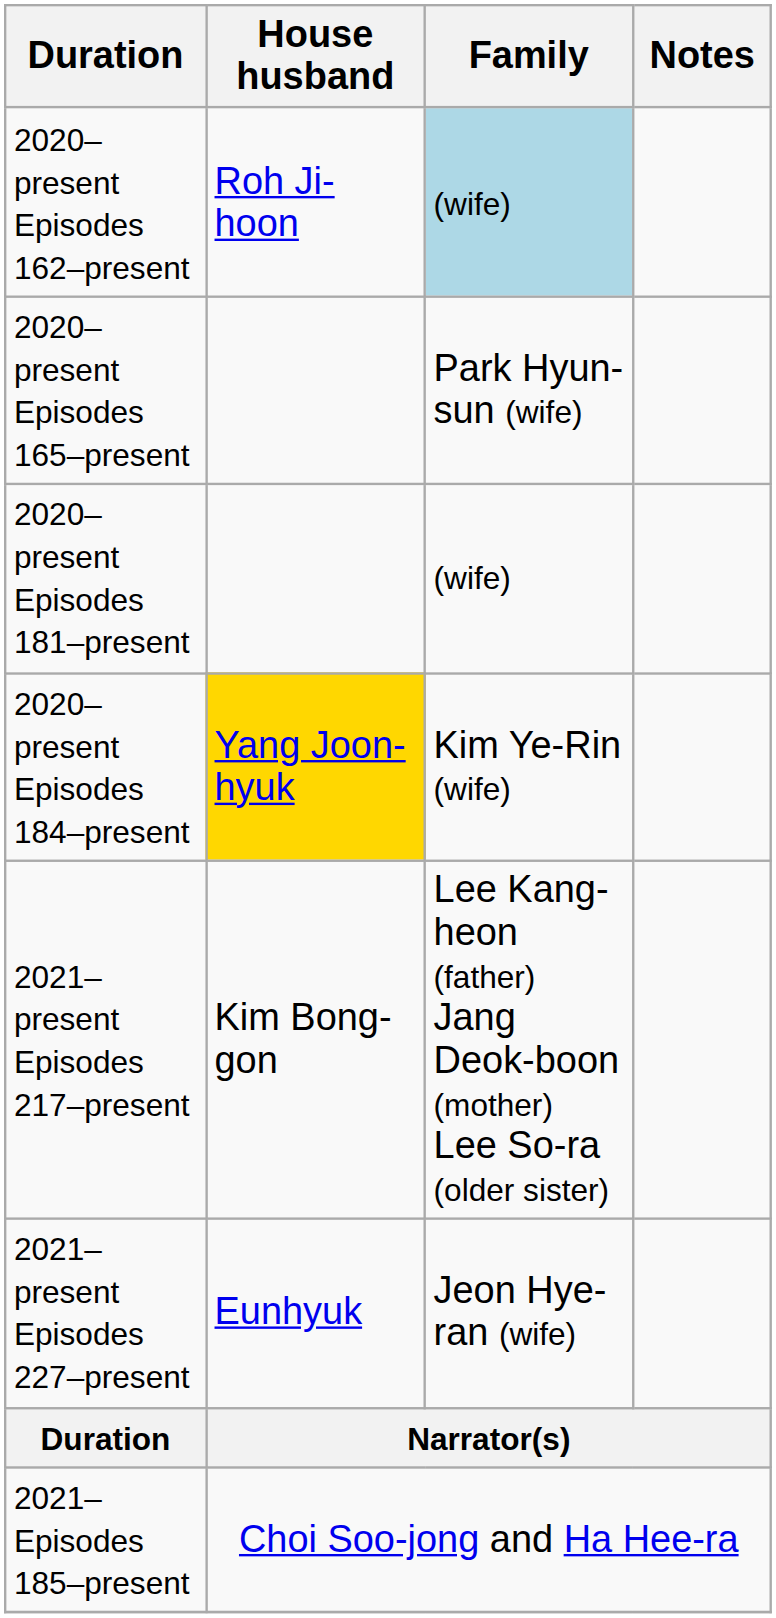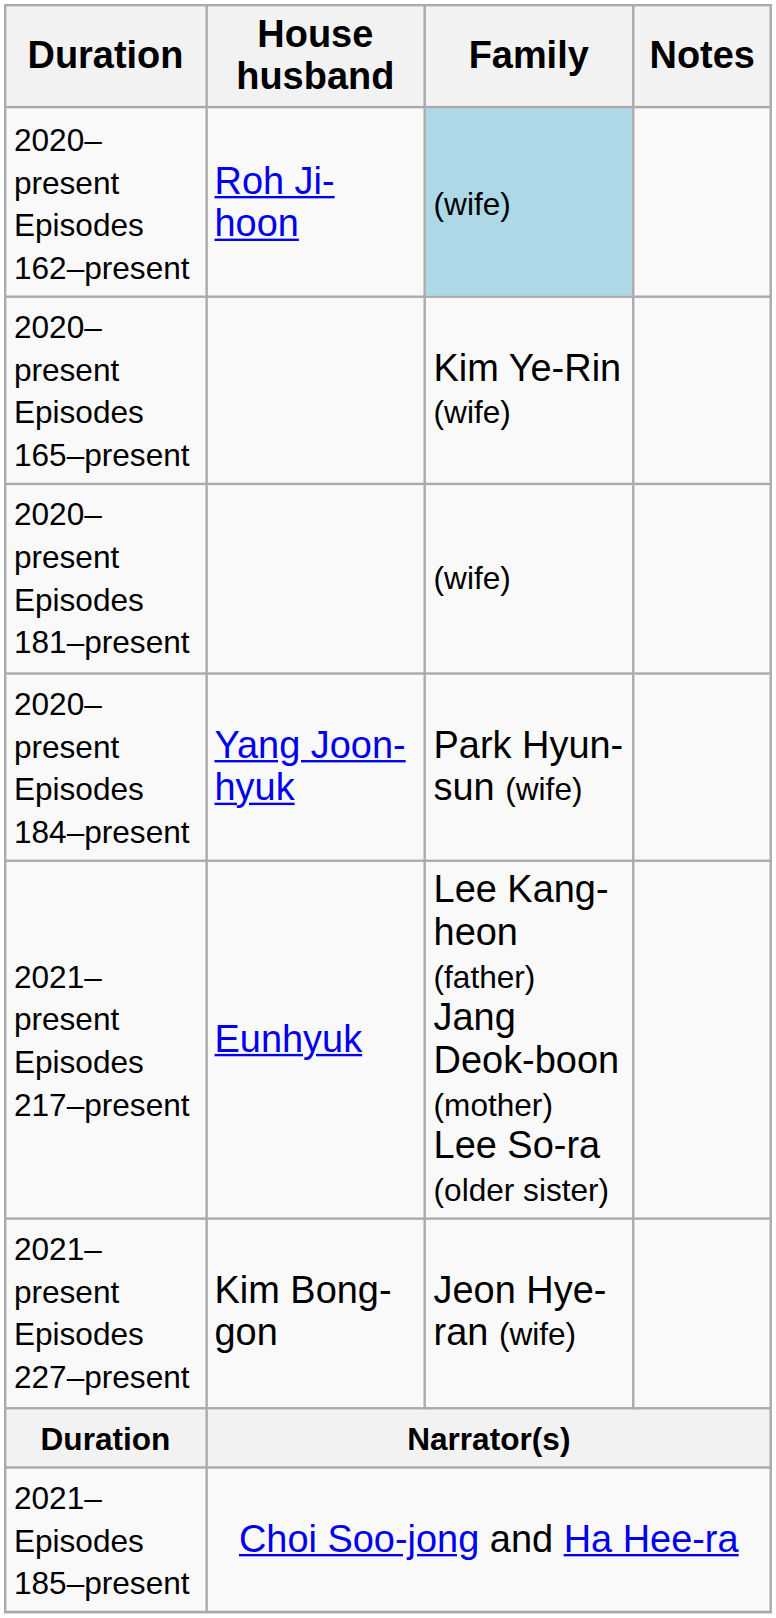 <table class="wikitable plainrowheaders" style="width:52%;">
 <tr>
 <th scope="col"  style="width:10%;">Duration</th>
 <th scope="col"  style="width:16%;">House husband</th>
 <th scope="col"  style="width:20%;">Family</th>
 <th scope="col"  style="width:6%">Notes</th>
 </tr>
 <tr>
 <td><small>2020–present<br>Episodes 162–present</small></td>
 <td><a href='#'>Roh Ji-hoon</a></td>
 <td style="background: lightblue;"> <small>(wife)</small></td>
 <td></td>
 </tr>
 <tr>
 <td><small>2020–present<br>Episodes 165–present</small></td>
 <td></td>
-<td>Park Hyun-sun <small>(wife)</small></td>
+<td>Kim Ye-Rin <small>(wife)</small></td>
 <td></td>
 </tr>
 <tr>
 <td><small>2020–present<br>Episodes 181–present</small></td>
 <td></td>
 <td> <small>(wife)</small></td>
 <td></td>
 </tr>
 <tr>
 <td><small>2020–present<br>Episodes 184–present</small></td>
-<td style="background: gold;"><a href='#'>Yang Joon-hyuk</a></td>
-<td>Kim Ye-Rin <small>(wife)</small></td>
+<td><a href='#'>Yang Joon-hyuk</a></td>
+<td>Park Hyun-sun <small>(wife)</small></td>
 <td></td>
 </tr>
 <tr>
 <td><small>2021–present<br>Episodes 217–present</small></td>
-<td>Kim Bong-gon</td>
+<td><a href='#'>Eunhyuk</a></td>
 <td>Lee Kang-heon <small>(father)</small><br>Jang Deok-boon <small>(mother)</small><br> Lee So-ra <small>(older sister)</small></td>
 <td></td>
 </tr>
 <tr>
 <td><small>2021–present<br>Episodes 227–present</small></td>
-<td><a href='#'>Eunhyuk</a></td>
+<td>Kim Bong-gon</td>
 <td>Jeon Hye-ran <small>(wife)</small></td>
 <td></td>
 </tr>
 <tr>
 <th scope="col"><small>Duration</small></th>
 <th scope="col" colspan="4"><small>Narrator(s)</small></th>
 </tr>
 <tr>
 <td><small>2021–<br>Episodes 185–present</small></td>
 <td colspan="3" style="text-align:center;"><a href='#'>Choi Soo-jong</a> and <a href='#'>Ha Hee-ra</a><br></td>
 </tr>
 <tr>
 </tr>
 </table>
